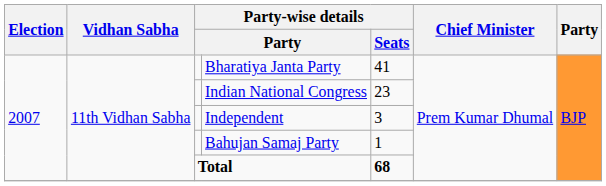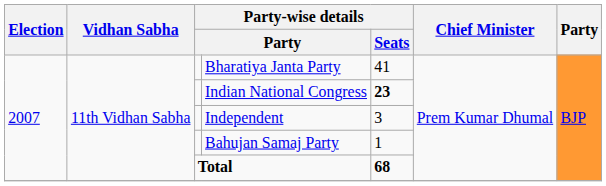 <table class="wikitable sortable">
 <tr>
 <th rowspan="2"><a href='#'>Election</a></th>
 <th rowspan="2"><a href='#'>Vidhan Sabha</a></th>
 <th colspan="3">Party-wise details</th>
 <th rowspan="2"><a href='#'>Chief Minister</a></th>
 <th rowspan="2">Party</th>
 </tr>
 <tr>
 <th colspan="2">Party</th>
 <th><a href='#'>Seats</a></th>
 </tr>
 <tr>
 <td rowspan="5"><a href='#'>2007</a></td>
 <td rowspan="5"><a href='#'>11th Vidhan Sabha</a></td>
 <td style="background-color: "></td>
 <td><a href='#'>Bharatiya Janta Party</a></td>
 <td>41</td>
 <td rowspan="5"><a href='#'>Prem Kumar Dhumal</a></td>
 <td rowspan="5"; bgcolor=#FF9933><a href='#'>BJP</a></td>
 </tr>
 <tr>
 <td style="background-color: "></td>
 <td><a href='#'>Indian National Congress</a></td>
-<td>23</td>
+<td><strong>23</strong></td>
 </tr>
 <tr>
 <td style="background-color: "></td>
 <td><a href='#'>Independent</a></td>
 <td>3</td>
 </tr>
 <tr>
 <td style="background-color: "></td>
 <td><a href='#'>Bahujan Samaj Party</a></td>
 <td>1</td>
 </tr>
 <tr>
 <td colspan="2"><strong>Total</strong></td>
 <td><strong>68</strong></td>
 </tr>
 <tr>
 </tr>
 </table>
